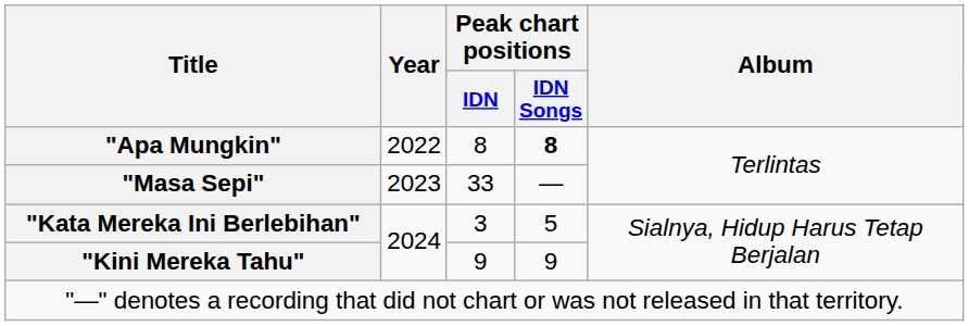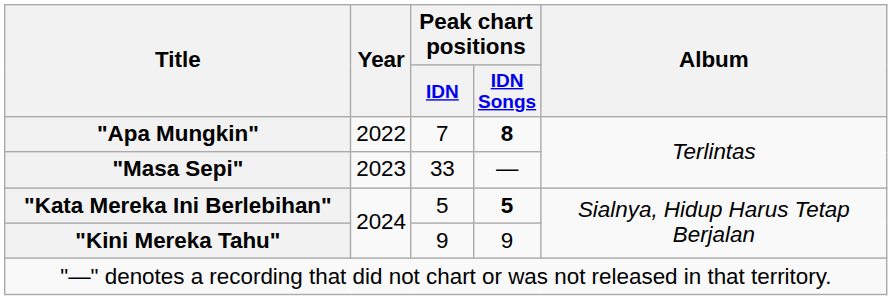 <table class="wikitable plainrowheaders" style="text-align:center">
 <tr>
 <th scope="col" rowspan="2" style="width:15em;">Title</th>
 <th scope="col" rowspan="2">Year</th>
 <th colspan="2" scope="col">Peak chart positions</th>
 <th scope="col" rowspan="2" style="width:15em;">Album</th>
 </tr>
 <tr>
 <th scope="col" style="width:2.8em;font-size:85%;"><a href='#'>IDN</a><br></th>
 <th scope="col" style="width:2.8em;font-size:85%;"><a href='#'>IDN Songs</a><br></th>
 </tr>
 <tr>
 <th scope="row">"Apa Mungkin"</th>
 <td>2022</td>
-<td>8</td>
+<td>7</td>
 <td><strong>8</strong></td>
 <td rowspan="2"><em>Terlintas</em></td>
 </tr>
 <tr>
 <th scope="row">"Masa Sepi"</th>
 <td>2023</td>
 <td>33</td>
 <td>—</td>
 </tr>
 <tr>
 <th scope="row">"Kata Mereka Ini Berlebihan"</th>
 <td rowspan="2">2024</td>
-<td>3</td>
 <td>5</td>
+<td><strong>5</strong></td>
 <td rowspan="2"><em>Sialnya, Hidup Harus Tetap Berjalan</em></td>
 </tr>
 <tr>
 <th scope="row">"Kini Mereka Tahu"</th>
 <td>9</td>
 <td>9</td>
 </tr>
 <tr>
 <td colspan="5" style="text-align:center;">"—" denotes a recording that did not chart or was not released in that territory.</td>
 </tr>
 </table>
